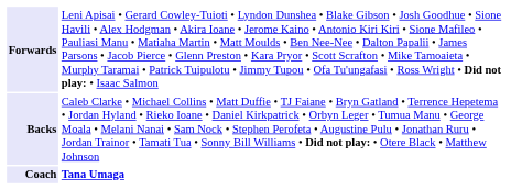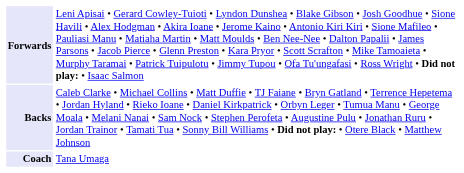 <table cellpadding="2" style="border: 1px solid white; font-size:90%;">
 <tr>
 <td style="text-align:right; background:lavender;"><strong>Forwards</strong></td>
 <td style="text-align:left;"><a href='#'>Leni Apisai</a> • <a href='#'>Gerard Cowley-Tuioti</a> • <a href='#'>Lyndon Dunshea</a> • <a href='#'>Blake Gibson</a> • <a href='#'>Josh Goodhue</a> • <a href='#'>Sione Havili</a> • <a href='#'>Alex Hodgman</a> • <a href='#'>Akira Ioane</a> • <a href='#'>Jerome Kaino</a> • <a href='#'>Antonio Kiri Kiri</a> • <a href='#'>Sione Mafileo</a> • <a href='#'>Pauliasi Manu</a> • <a href='#'>Matiaha Martin</a> • <a href='#'>Matt Moulds</a> • <a href='#'>Ben Nee-Nee</a> • <a href='#'>Dalton Papalii</a> • <a href='#'>James Parsons</a> • <a href='#'>Jacob Pierce</a> • <a href='#'>Glenn Preston</a> • <a href='#'>Kara Pryor</a> • <a href='#'>Scott Scrafton</a> • <a href='#'>Mike Tamoaieta</a> • <a href='#'>Murphy Taramai</a> • <a href='#'>Patrick Tuipulotu</a> • <a href='#'>Jimmy Tupou</a> • <a href='#'>Ofa Tu'ungafasi</a> • <a href='#'>Ross Wright</a> • <strong>Did not play:</strong> • <a href='#'>Isaac Salmon</a></td>
 </tr>
 <tr>
 <td style="text-align:right; background:lavender;"><strong>Backs</strong></td>
 <td style="text-align:left;"><a href='#'>Caleb Clarke</a> • <a href='#'>Michael Collins</a> • <a href='#'>Matt Duffie</a> • <a href='#'>TJ Faiane</a> • <a href='#'>Bryn Gatland</a> • <a href='#'>Terrence Hepetema</a> • <a href='#'>Jordan Hyland</a> • <a href='#'>Rieko Ioane</a> • <a href='#'>Daniel Kirkpatrick</a> • <a href='#'>Orbyn Leger</a> • <a href='#'>Tumua Manu</a> • <a href='#'>George Moala</a> • <a href='#'>Melani Nanai</a> • <a href='#'>Sam Nock</a> • <a href='#'>Stephen Perofeta</a> • <a href='#'>Augustine Pulu</a> • <a href='#'>Jonathan Ruru</a> • <a href='#'>Jordan Trainor</a> • <a href='#'>Tamati Tua</a> • <a href='#'>Sonny Bill Williams</a> • <strong>Did not play:</strong> • <a href='#'>Otere Black</a> • <a href='#'>Matthew Johnson</a></td>
 </tr>
 <tr>
 <td style="text-align:right; background:lavender;"><strong>Coach</strong></td>
-<td style="text-align:left;"><strong><a href='#'>Tana Umaga</a></strong></td>
+<td style="text-align:left;"><a href='#'>Tana Umaga</a></td>
 </tr>
 </table>
